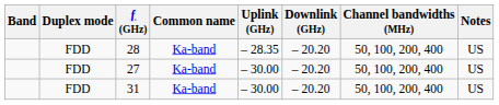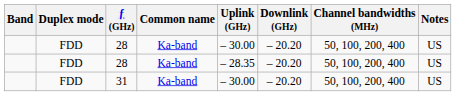 <table style="text-align: center;" class="sortable wikitable sort-under">
 <tr>
 <th data-sort-type="number">Band</th>
 <th>Duplex mode</th>
 <th data-sort-type="number"><a href='#'>ƒ</a><br><small>(GHz)</small></th>
 <th class="unsortable">Common name</th>
 <th data-sort-type="number">Uplink<br><small>(GHz)</small></th>
 <th data-sort-type="number">Downlink<br><small>(GHz)</small></th>
 <th class="unsortable">Channel bandwidths<br><small>(MHz)</small></th>
 <th class="unsortable">Notes</th>
 </tr>
 <tr>
 <td></td>
 <td>FDD</td>
 <td>28</td>
 <td><a href='#'>Ka-band</a></td>
-<td> –  28.35</td>
+<td> – 30.00</td>
 <td> – 20.20</td>
 <td>50, 100, 200, 400</td>
 <td>US</td>
 </tr>
 <tr>
 <td></td>
 <td>FDD</td>
-<td>27</td>
+<td>28</td>
 <td><a href='#'>Ka-band</a></td>
-<td> – 30.00</td>
+<td> –  28.35</td>
 <td> – 20.20</td>
 <td>50, 100, 200, 400</td>
 <td>US</td>
 </tr>
 <tr>
 <td></td>
 <td>FDD</td>
 <td>31</td>
 <td><a href='#'>Ka-band</a></td>
 <td> – 30.00</td>
 <td> – 20.20</td>
 <td>50, 100, 200, 400</td>
 <td>US</td>
 </tr>
 </table>
